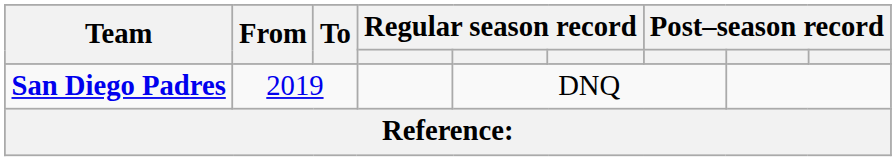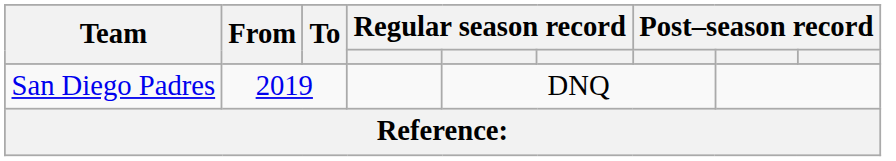 <table class="wikitable" Style="text-align: center">
 <tr>
 <th rowspan="2">Team</th>
 <th rowspan="2">From</th>
 <th rowspan="2">To</th>
 <th colspan="3">Regular season record</th>
 <th colspan="3">Post–season record</th>
 </tr>
 <tr>
 <th></th>
 <th></th>
 <th></th>
 <th></th>
 <th></th>
 <th></th>
 </tr>
 <tr>
-<td><strong><a href='#'>San Diego Padres</a></strong></td>
+<td><a href='#'>San Diego Padres</a></td>
 <td colspan="2"><a href='#'>2019</a></td>
 <td></td>
 <td colspan="3">DNQ</td>
 </tr>
 <tr>
 <th colspan="9">Reference:</th>
 </tr>
 </table>
